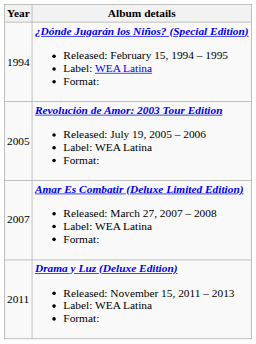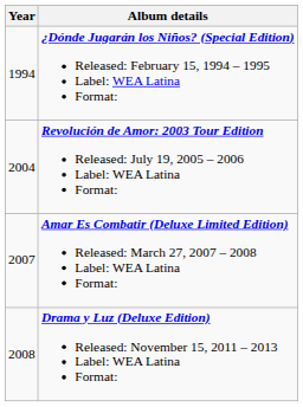 <table class="wikitable">
 <tr>
 <th>Year</th>
 <th>Album details</th>
 </tr>
 <tr>
 <td>1994</td>
 <td><strong><em><a href='#'>¿Dónde Jugarán los Niños? (Special Edition)</a></em></strong><br><ul><li>Released: February 15, 1994 – 1995</li><li>Label: <a href='#'>WEA Latina</a></li><li>Format:</li></ul></td>
 </tr>
 <tr>
-<td>2005</td>
+<td>2004</td>
 <td><strong><em><a href='#'>Revolución de Amor: 2003 Tour Edition</a></em></strong><br><ul><li>Released: July 19, 2005 – 2006</li><li>Label: WEA Latina</li><li>Format:</li></ul></td>
 </tr>
 <tr>
 <td>2007</td>
 <td><strong><em><a href='#'>Amar Es Combatir (Deluxe Limited Edition)</a></em></strong><br><ul><li>Released: March 27, 2007 – 2008</li><li>Label: WEA Latina</li><li>Format:</li></ul></td>
 </tr>
 <tr>
-<td>2011</td>
+<td>2008</td>
 <td><strong><em><a href='#'>Drama y Luz (Deluxe Edition)</a></em></strong><br><ul><li>Released: November 15, 2011 – 2013</li><li>Label: WEA Latina</li><li>Format:</li></ul></td>
 </tr>
 </table>
